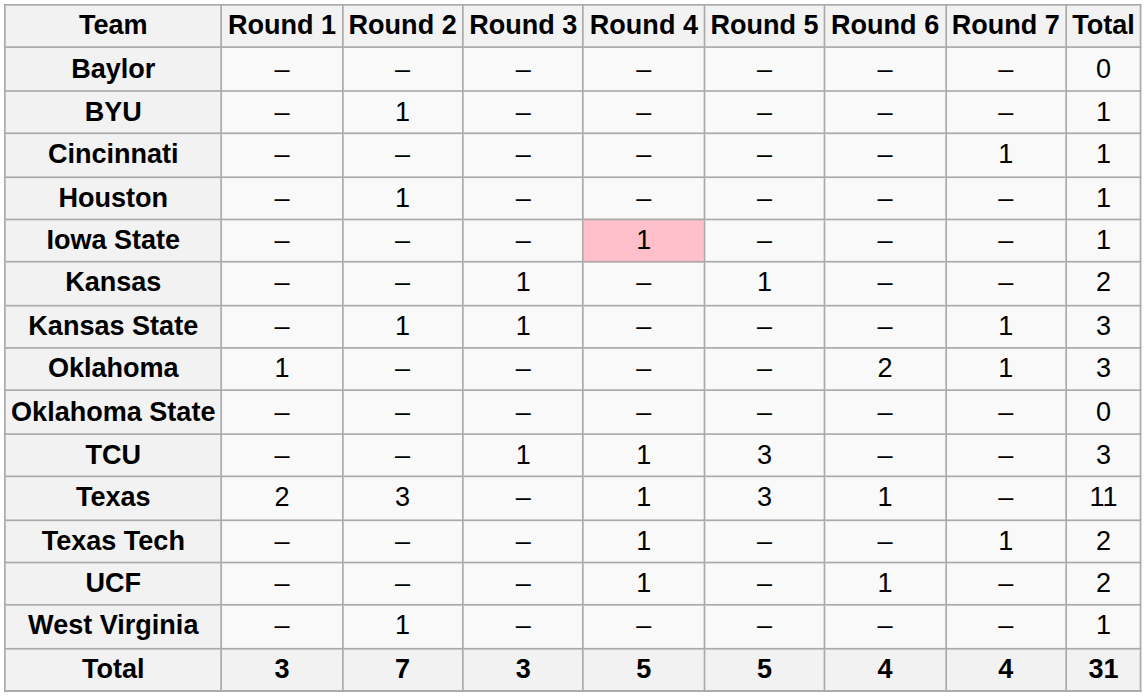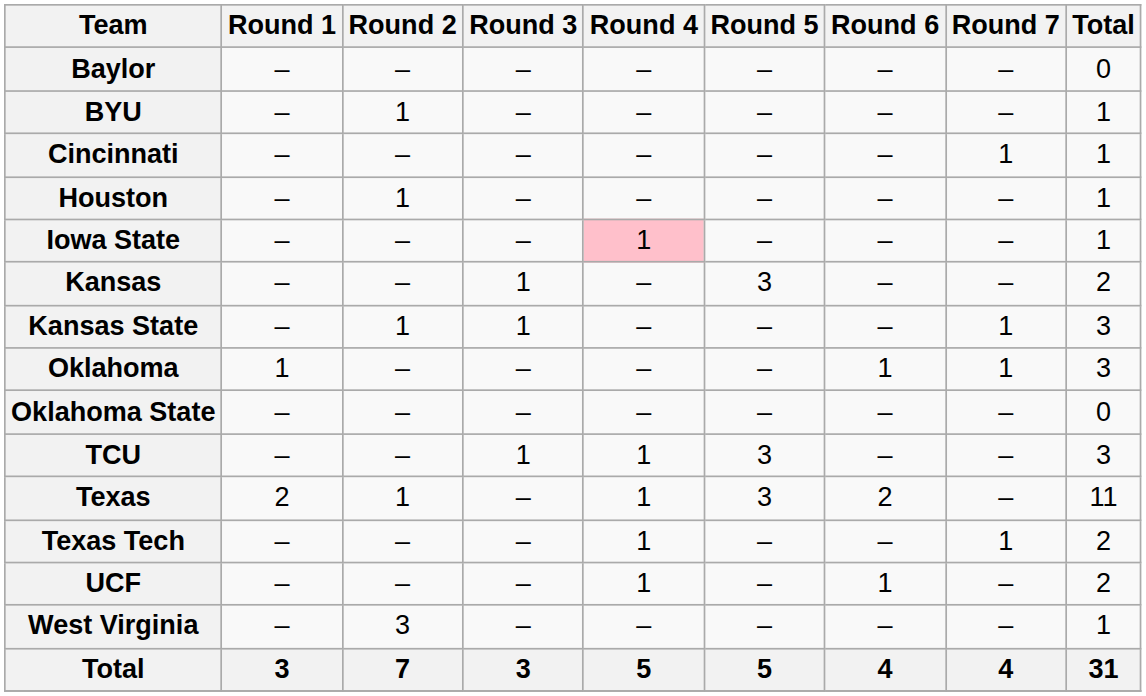 <table class="wikitable sortable" style="text-align: center;">
 <tr>
 <th>Team</th>
 <th>Round 1</th>
 <th>Round 2</th>
 <th>Round 3</th>
 <th>Round 4</th>
 <th>Round 5</th>
 <th>Round 6</th>
 <th>Round 7</th>
 <th>Total</th>
 </tr>
 <tr>
 <th>Baylor</th>
 <td>–</td>
 <td>–</td>
 <td>–</td>
 <td>–</td>
 <td>–</td>
 <td>–</td>
 <td>–</td>
 <td>0</td>
 </tr>
 <tr>
 <th>BYU</th>
 <td>–</td>
 <td>1</td>
 <td>–</td>
 <td>–</td>
 <td>–</td>
 <td>–</td>
 <td>–</td>
 <td>1</td>
 </tr>
 <tr>
 <th>Cincinnati</th>
 <td>–</td>
 <td>–</td>
 <td>–</td>
 <td>–</td>
 <td>–</td>
 <td>–</td>
 <td>1</td>
 <td>1</td>
 </tr>
 <tr>
 <th>Houston</th>
 <td>–</td>
 <td>1</td>
 <td>–</td>
 <td>–</td>
 <td>–</td>
 <td>–</td>
 <td>–</td>
 <td>1</td>
 </tr>
 <tr>
 <th>Iowa State</th>
 <td>–</td>
 <td>–</td>
 <td>–</td>
 <td style="background: pink;">1</td>
 <td>–</td>
 <td>–</td>
 <td>–</td>
 <td>1</td>
 </tr>
 <tr>
 <th>Kansas</th>
 <td>–</td>
 <td>–</td>
 <td>1</td>
 <td>–</td>
-<td>1</td>
+<td>3</td>
 <td>–</td>
 <td>–</td>
 <td>2</td>
 </tr>
 <tr>
 <th>Kansas State</th>
 <td>–</td>
 <td>1</td>
 <td>1</td>
 <td>–</td>
 <td>–</td>
 <td>–</td>
 <td>1</td>
 <td>3</td>
 </tr>
 <tr>
 <th>Oklahoma</th>
 <td>1</td>
 <td>–</td>
 <td>–</td>
 <td>–</td>
 <td>–</td>
-<td>2</td>
+<td>1</td>
 <td>1</td>
 <td>3</td>
 </tr>
 <tr>
 <th>Oklahoma State</th>
 <td>–</td>
 <td>–</td>
 <td>–</td>
 <td>–</td>
 <td>–</td>
 <td>–</td>
 <td>–</td>
 <td>0</td>
 </tr>
 <tr>
 <th>TCU</th>
 <td>–</td>
 <td>–</td>
 <td>1</td>
 <td>1</td>
 <td>3</td>
 <td>–</td>
 <td>–</td>
 <td>3</td>
 </tr>
 <tr>
 <th>Texas</th>
 <td>2</td>
-<td>3</td>
+<td>1</td>
 <td>–</td>
 <td>1</td>
 <td>3</td>
-<td>1</td>
+<td>2</td>
 <td>–</td>
 <td>11</td>
 </tr>
 <tr>
 <th>Texas Tech</th>
 <td>–</td>
 <td>–</td>
 <td>–</td>
 <td>1</td>
 <td>–</td>
 <td>–</td>
 <td>1</td>
 <td>2</td>
 </tr>
 <tr>
 <th>UCF</th>
 <td>–</td>
 <td>–</td>
 <td>–</td>
 <td>1</td>
 <td>–</td>
 <td>1</td>
 <td>–</td>
 <td>2</td>
 </tr>
 <tr>
 <th>West Virginia</th>
 <td>–</td>
-<td>1</td>
+<td>3</td>
 <td>–</td>
 <td>–</td>
 <td>–</td>
 <td>–</td>
 <td>–</td>
 <td>1</td>
 </tr>
 <tr>
 <th>Total</th>
 <th>3</th>
 <th>7</th>
 <th>3</th>
 <th>5</th>
 <th>5</th>
 <th>4</th>
 <th>4</th>
 <th>31</th>
 </tr>
 <tr>
 </tr>
 </table>
